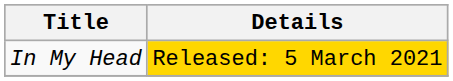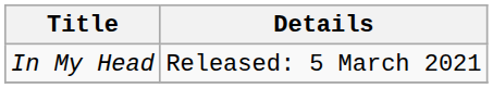 <table class="wikitable">
 <tr>
 <th>Title</th>
 <th>Details</th>
 </tr>
 <tr>
 <td><em>In My Head</em></td>
-<td style="background: gold;">Released: 5 March 2021</td>
+<td>Released: 5 March 2021</td>
 </tr>
 <tr>
 </tr>
 </table>
